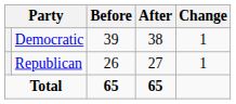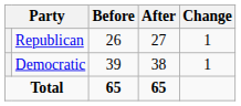 <table class="wikitable" style="text-align:center;">
 <tr>
 <th colspan="2">Party</th>
 <th>Before</th>
 <th>After</th>
 <th>Change</th>
 </tr>
 <tr>
 <th style="background-color:"></th>
-<td style="text-align:left;"><a href='#'>Democratic</a></td>
-<td>39</td>
-<td>38</td>
+<td style="text-align:left;"><a href='#'>Republican</a></td>
+<td>26</td>
+<td>27</td>
 <td> 1</td>
 </tr>
 <tr>
 <th style="background-color:"></th>
-<td style="text-align:left;"><a href='#'>Republican</a></td>
-<td>26</td>
-<td>27</td>
+<td style="text-align:left;"><a href='#'>Democratic</a></td>
+<td>39</td>
+<td>38</td>
 <td> 1</td>
 </tr>
 <tr>
 <td colspan="2"><strong>Total</strong></td>
 <td><strong>65</strong></td>
 <td><strong>65</strong></td>
 <td></td>
 </tr>
 </table>
